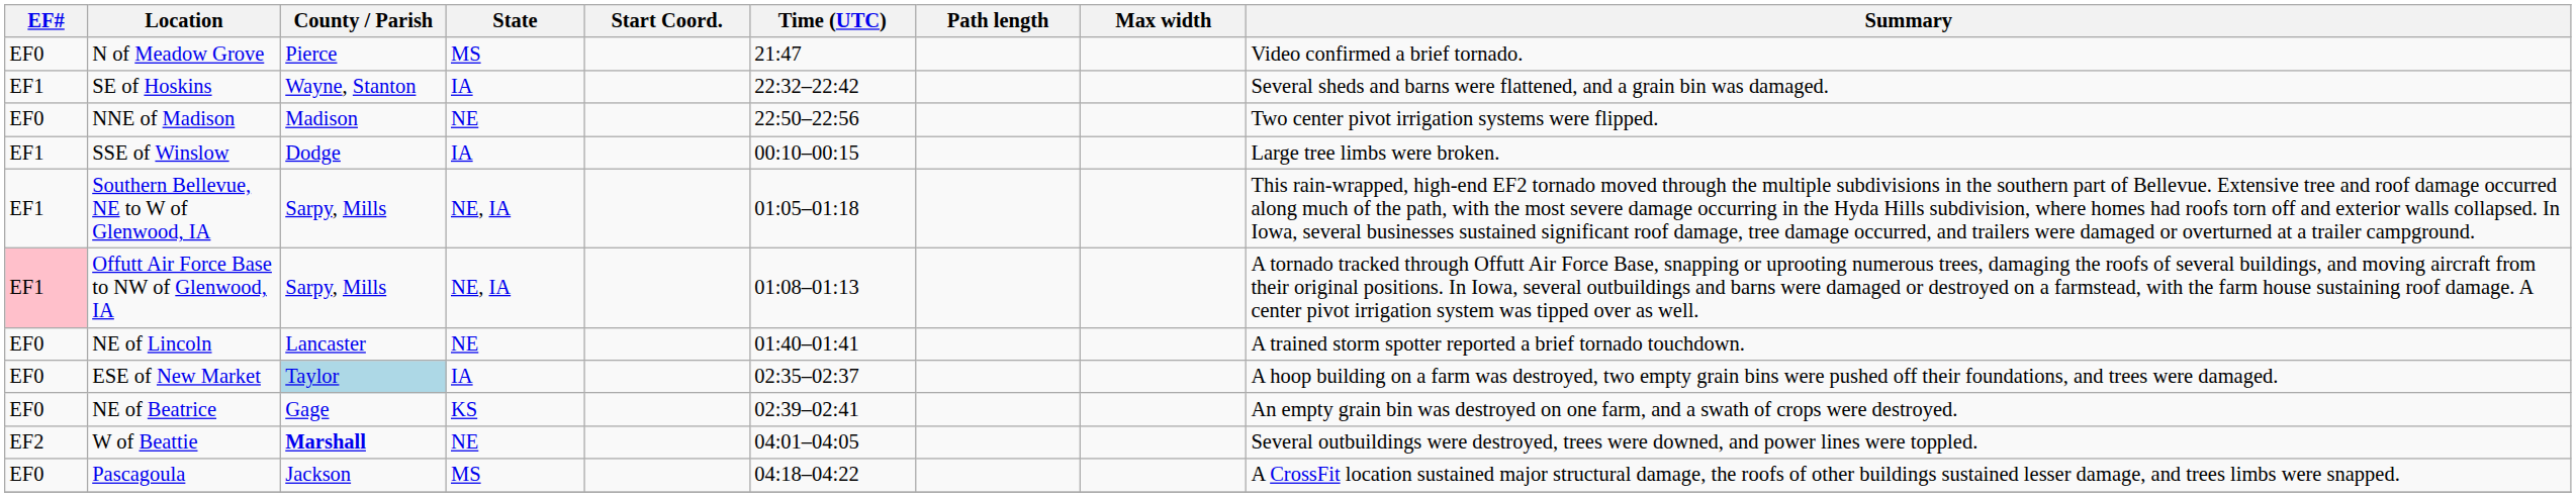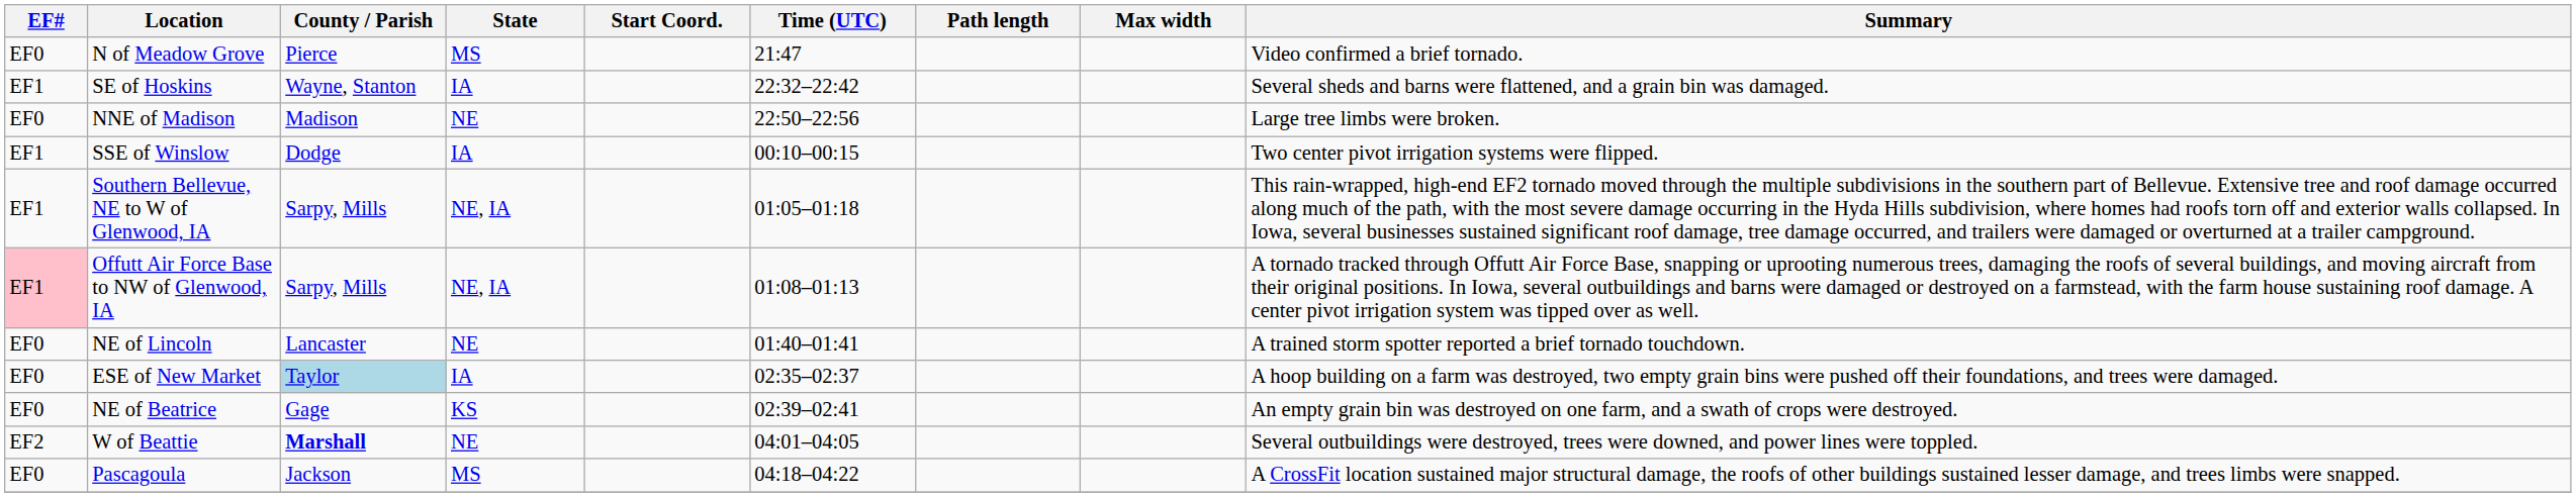 <table class="wikitable sortable" style="width:100%;">
 <tr>
 <th scope="col"  style="width:3%; text-align:center;"><a href='#'>EF#</a></th>
 <th scope="col"  style="width:7%; text-align:center;" class="unsortable">Location</th>
 <th scope="col"  style="width:6%; text-align:center;" class="unsortable">County / Parish</th>
 <th scope="col"  style="width:5%; text-align:center;">State</th>
 <th scope="col"  style="width:6%; text-align:center;">Start Coord.</th>
 <th scope="col"  style="width:6%; text-align:center;">Time (<a href='#'>UTC</a>)</th>
 <th scope="col"  style="width:6%; text-align:center;">Path length</th>
 <th scope="col"  style="width:6%; text-align:center;">Max width</th>
 <th scope="col" class="unsortable" style="width:48%; text-align:center;">Summary</th>
 </tr>
 <tr>
 <td>EF0</td>
 <td>N of <a href='#'>Meadow Grove</a></td>
 <td><a href='#'>Pierce</a></td>
 <td><a href='#'>MS</a></td>
 <td></td>
 <td>21:47</td>
 <td></td>
 <td></td>
 <td>Video confirmed a brief tornado.</td>
 </tr>
 <tr>
 <td>EF1</td>
 <td>SE of <a href='#'>Hoskins</a></td>
 <td><a href='#'>Wayne</a>, <a href='#'>Stanton</a></td>
 <td><a href='#'>IA</a></td>
 <td></td>
 <td>22:32–22:42</td>
 <td></td>
 <td></td>
 <td>Several sheds and barns were flattened, and a grain bin was damaged.</td>
 </tr>
 <tr>
 <td>EF0</td>
 <td>NNE of <a href='#'>Madison</a></td>
 <td><a href='#'>Madison</a></td>
 <td><a href='#'>NE</a></td>
 <td></td>
 <td>22:50–22:56</td>
 <td></td>
 <td></td>
-<td>Two center pivot irrigation systems were flipped.</td>
+<td>Large tree limbs were broken.</td>
 </tr>
 <tr>
 <td>EF1</td>
 <td>SSE of <a href='#'>Winslow</a></td>
 <td><a href='#'>Dodge</a></td>
 <td><a href='#'>IA</a></td>
 <td></td>
 <td>00:10–00:15</td>
 <td></td>
 <td></td>
-<td>Large tree limbs were broken.</td>
+<td>Two center pivot irrigation systems were flipped.</td>
 </tr>
 <tr>
 <td>EF1</td>
 <td><a href='#'>Southern Bellevue, NE</a> to W of <a href='#'>Glenwood, IA</a></td>
 <td><a href='#'>Sarpy</a>, <a href='#'>Mills</a></td>
 <td><a href='#'>NE</a>, <a href='#'>IA</a></td>
 <td></td>
 <td>01:05–01:18</td>
 <td></td>
 <td></td>
 <td>This rain-wrapped, high-end EF2 tornado moved through the multiple subdivisions in the southern part of Bellevue. Extensive tree and roof damage occurred along much of the path, with the most severe damage occurring in the Hyda Hills subdivision, where homes had roofs torn off and exterior walls collapsed. In Iowa, several businesses sustained significant roof damage, tree damage occurred, and trailers were damaged or overturned at a trailer campground.</td>
 </tr>
 <tr>
 <td style="background: pink;">EF1</td>
 <td><a href='#'>Offutt Air Force Base</a> to NW of <a href='#'>Glenwood, IA</a></td>
 <td><a href='#'>Sarpy</a>, <a href='#'>Mills</a></td>
 <td><a href='#'>NE</a>, <a href='#'>IA</a></td>
 <td></td>
 <td>01:08–01:13</td>
 <td></td>
 <td></td>
 <td>A tornado tracked through Offutt Air Force Base, snapping or uprooting numerous trees, damaging the roofs of several buildings, and moving aircraft from their original positions. In Iowa, several outbuildings and barns were damaged or destroyed on a farmstead, with the farm house sustaining roof damage. A center pivot irrigation system was tipped over as well.</td>
 </tr>
 <tr>
 <td>EF0</td>
 <td>NE of <a href='#'>Lincoln</a></td>
 <td><a href='#'>Lancaster</a></td>
 <td><a href='#'>NE</a></td>
 <td></td>
 <td>01:40–01:41</td>
 <td></td>
 <td></td>
 <td>A trained storm spotter reported a brief tornado touchdown.</td>
 </tr>
 <tr>
 <td>EF0</td>
 <td>ESE of <a href='#'>New Market</a></td>
 <td style="background: lightblue;"><a href='#'>Taylor</a></td>
 <td><a href='#'>IA</a></td>
 <td></td>
 <td>02:35–02:37</td>
 <td></td>
 <td></td>
 <td>A hoop building on a farm was destroyed, two empty grain bins were pushed off their foundations, and trees were damaged.</td>
 </tr>
 <tr>
 <td>EF0</td>
 <td>NE of <a href='#'>Beatrice</a></td>
 <td><a href='#'>Gage</a></td>
 <td><a href='#'>KS</a></td>
 <td></td>
 <td>02:39–02:41</td>
 <td></td>
 <td></td>
 <td>An empty grain bin was destroyed on one farm, and a  swath of crops were destroyed.</td>
 </tr>
 <tr>
 <td>EF2</td>
 <td>W of <a href='#'>Beattie</a></td>
 <td><strong><a href='#'>Marshall</a></strong></td>
 <td><a href='#'>NE</a></td>
 <td></td>
 <td>04:01–04:05</td>
 <td></td>
 <td></td>
 <td>Several outbuildings were destroyed, trees were downed, and power lines were toppled.</td>
 </tr>
 <tr>
 <td>EF0</td>
 <td><a href='#'>Pascagoula</a></td>
 <td><a href='#'>Jackson</a></td>
 <td><a href='#'>MS</a></td>
 <td></td>
 <td>04:18–04:22</td>
 <td></td>
 <td></td>
 <td>A <a href='#'>CrossFit</a> location sustained major structural damage, the roofs of other buildings sustained lesser damage, and trees limbs were snapped.</td>
 </tr>
 <tr>
 </tr>
 </table>
